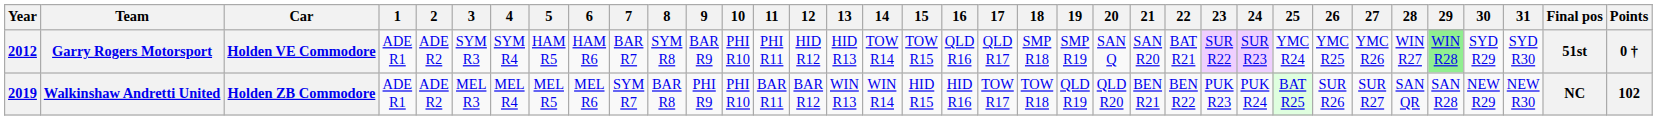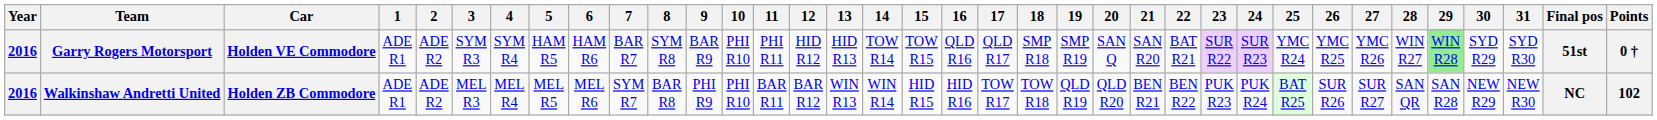 <table class="wikitable" style="text-align:center; font-size:75%">
 <tr>
 <th>Year</th>
 <th>Team</th>
 <th>Car</th>
 <th>1</th>
 <th>2</th>
 <th>3</th>
 <th>4</th>
 <th>5</th>
 <th>6</th>
 <th>7</th>
 <th>8</th>
 <th>9</th>
 <th>10</th>
 <th>11</th>
 <th>12</th>
 <th>13</th>
 <th>14</th>
 <th>15</th>
 <th>16</th>
 <th>17</th>
 <th>18</th>
 <th>19</th>
 <th>20</th>
 <th>21</th>
 <th>22</th>
 <th>23</th>
 <th>24</th>
 <th>25</th>
 <th>26</th>
 <th>27</th>
 <th>28</th>
 <th>29</th>
 <th>30</th>
 <th>31</th>
 <th>Final pos</th>
 <th>Points</th>
 </tr>
 <tr>
-<th><a href='#'>2012</a></th>
+<th><a href='#'>2016</a></th>
 <th nowrap><a href='#'>Garry Rogers Motorsport</a></th>
 <th nowrap><a href='#'>Holden VE Commodore</a></th>
 <td><a href='#'>ADE<br>R1</a></td>
 <td><a href='#'>ADE<br>R2</a></td>
 <td><a href='#'>SYM<br>R3</a></td>
 <td><a href='#'>SYM<br>R4</a></td>
 <td><a href='#'>HAM<br>R5</a></td>
 <td><a href='#'>HAM<br>R6</a></td>
 <td><a href='#'>BAR<br>R7</a></td>
 <td><a href='#'>SYM<br>R8</a></td>
 <td><a href='#'>BAR<br>R9</a></td>
 <td><a href='#'>PHI<br>R10</a></td>
 <td><a href='#'>PHI<br>R11</a></td>
 <td><a href='#'>HID<br>R12</a></td>
 <td><a href='#'>HID<br>R13</a></td>
 <td><a href='#'>TOW<br>R14</a></td>
 <td><a href='#'>TOW<br>R15</a></td>
 <td><a href='#'>QLD<br>R16</a></td>
 <td><a href='#'>QLD<br>R17</a></td>
 <td><a href='#'>SMP<br>R18</a></td>
 <td><a href='#'>SMP<br>R19</a></td>
 <td><a href='#'>SAN<br>Q</a></td>
 <td><a href='#'>SAN<br>R20</a></td>
 <td><a href='#'>BAT<br>R21</a></td>
 <td style="background:#EFCFFF;"><a href='#'>SUR<br>R22</a><br></td>
 <td style="background:#EFCFFF;"><a href='#'>SUR<br>R23</a><br></td>
 <td><a href='#'>YMC<br>R24</a></td>
 <td><a href='#'>YMC<br>R25</a></td>
 <td><a href='#'>YMC<br>R26</a></td>
 <td><a href='#'>WIN<br>R27</a></td>
 <td style="background: lightgreen;"><a href='#'>WIN<br>R28</a></td>
 <td><a href='#'>SYD<br>R29</a></td>
 <td><a href='#'>SYD<br>R30</a></td>
 <th>51st</th>
 <th>0 †</th>
 </tr>
 <tr>
-<th><a href='#'>2019</a></th>
+<th><a href='#'>2016</a></th>
 <th nowrap><a href='#'>Walkinshaw Andretti United</a></th>
 <th nowrap><a href='#'>Holden ZB Commodore</a></th>
 <td><a href='#'>ADE<br>R1</a></td>
 <td><a href='#'>ADE<br>R2</a></td>
 <td><a href='#'>MEL<br>R3</a></td>
 <td><a href='#'>MEL<br>R4</a></td>
 <td><a href='#'>MEL<br>R5</a></td>
 <td><a href='#'>MEL<br>R6</a></td>
 <td><a href='#'>SYM<br>R7</a></td>
 <td><a href='#'>BAR<br>R8</a></td>
 <td><a href='#'>PHI<br>R9</a></td>
 <td><a href='#'>PHI<br>R10</a></td>
 <td><a href='#'>BAR<br>R11</a></td>
 <td><a href='#'>BAR<br>R12</a></td>
 <td><a href='#'>WIN<br>R13</a></td>
 <td><a href='#'>WIN<br>R14</a></td>
 <td><a href='#'>HID<br>R15</a></td>
 <td><a href='#'>HID<br>R16</a></td>
 <td><a href='#'>TOW<br>R17</a></td>
 <td><a href='#'>TOW<br>R18</a></td>
 <td><a href='#'>QLD<br>R19</a></td>
 <td><a href='#'>QLD<br>R20</a></td>
 <td><a href='#'>BEN<br>R21</a></td>
 <td><a href='#'>BEN<br>R22</a></td>
 <td><a href='#'>PUK<br>R23</a></td>
 <td><a href='#'>PUK<br>R24</a></td>
 <td style="background:#dfffdf;"><a href='#'>BAT<br>R25</a><br></td>
 <td style="background:"><a href='#'>SUR<br>R26</a><br></td>
 <td style="background:"><a href='#'>SUR<br>R27</a><br></td>
 <td style="background:"><a href='#'>SAN<br>QR</a><br></td>
 <td style="background:"><a href='#'>SAN<br>R28</a><br></td>
 <td><a href='#'>NEW<br>R29</a></td>
 <td><a href='#'>NEW<br>R30</a></td>
 <th>NC</th>
 <th>102</th>
 </tr>
 </table>
